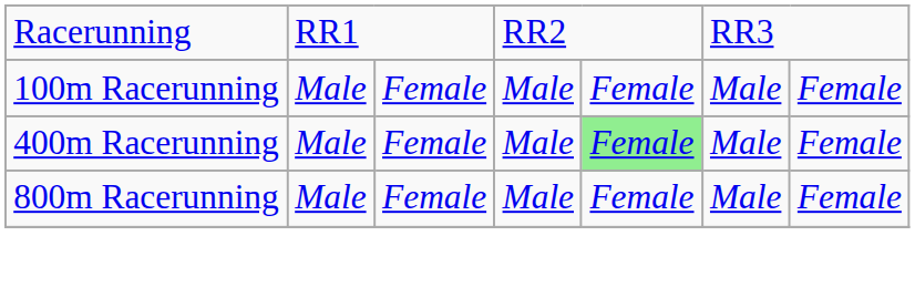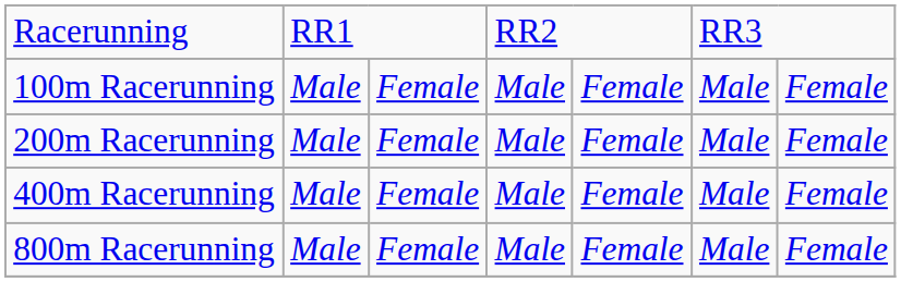 <table class="wikitable">
 <tr>
 <td><a href='#'>Racerunning</a></td>
 <td colspan="2"><a href='#'>RR1</a></td>
 <td colspan="2"><a href='#'>RR2</a></td>
 <td colspan="2"><a href='#'>RR3</a></td>
 </tr>
 <tr>
 <td><a href='#'>100m Racerunning</a></td>
 <td><em><a href='#'>Male</a></em></td>
 <td><em><a href='#'>Female</a></em></td>
 <td><em><a href='#'>Male</a></em></td>
 <td><em><a href='#'>Female</a></em></td>
 <td><em><a href='#'>Male</a></em></td>
 <td><em><a href='#'>Female</a></em></td>
 </tr>
 <tr>
+<td><a href='#'>200m Racerunning</a></td>
+<td><em><a href='#'>Male</a></em></td>
+<td><em><a href='#'>Female</a></em></td>
+<td><em><a href='#'>Male</a></em></td>
+<td><em><a href='#'>Female</a></em></td>
+<td><em><a href='#'>Male</a></em></td>
+<td><em><a href='#'>Female</a></em></td>
+</tr>
+<tr>
 <td><a href='#'>400m Racerunning</a></td>
 <td><em><a href='#'>Male</a></em></td>
 <td><em><a href='#'>Female</a></em></td>
 <td><em><a href='#'>Male</a></em></td>
-<td style="background: lightgreen;"><em><a href='#'>Female</a></em></td>
+<td><em><a href='#'>Female</a></em></td>
 <td><em><a href='#'>Male</a></em></td>
 <td><em><a href='#'>Female</a></em></td>
 </tr>
 <tr>
 <td><a href='#'>800m Racerunning</a></td>
 <td><em><a href='#'>Male</a></em></td>
 <td><em><a href='#'>Female</a></em></td>
 <td><em><a href='#'>Male</a></em></td>
 <td><em><a href='#'>Female</a></em></td>
 <td><em><a href='#'>Male</a></em></td>
 <td><em><a href='#'>Female</a></em></td>
 </tr>
 <tr>
 </tr>
 </table>
